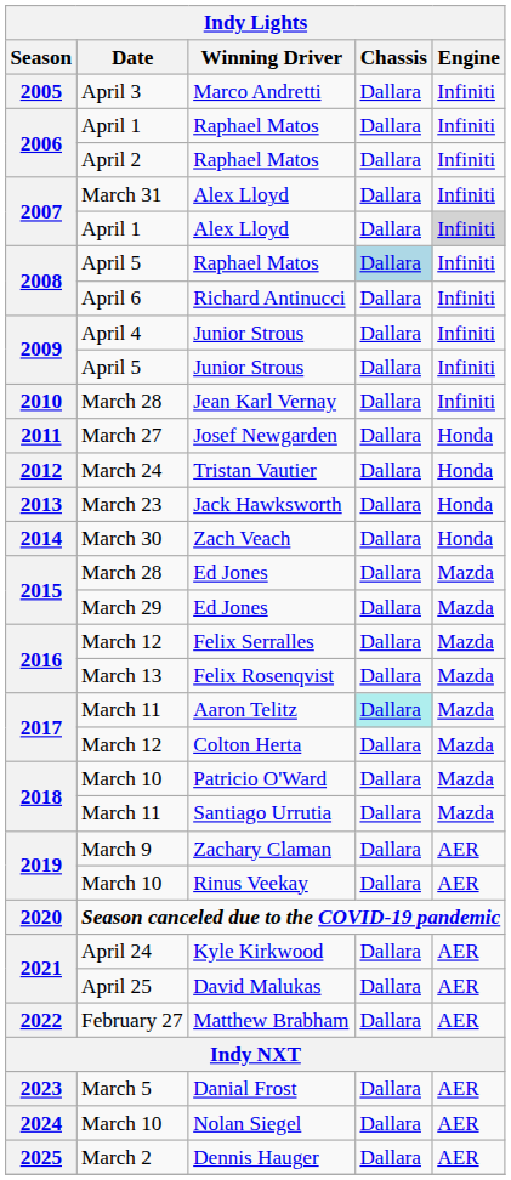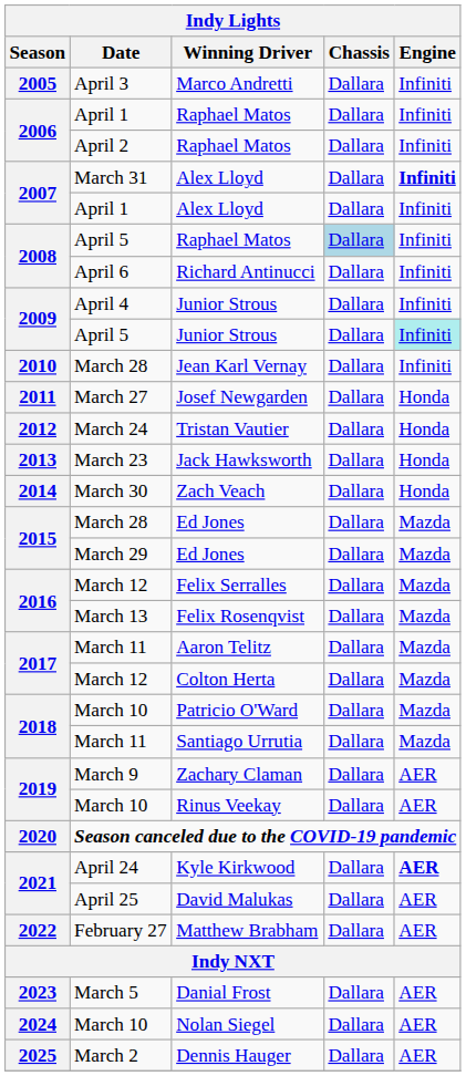 <table class="wikitable" style="font-size: 95%;">
 <tr>
 <th colspan="5"><a href='#'>Indy Lights</a></th>
 </tr>
 <tr>
 <th>Season</th>
 <th>Date</th>
 <th>Winning Driver</th>
 <th>Chassis</th>
 <th>Engine</th>
 </tr>
 <tr>
 <th><a href='#'>2005</a></th>
 <td>April 3</td>
 <td> <a href='#'>Marco Andretti</a></td>
 <td><a href='#'>Dallara</a></td>
 <td><a href='#'>Infiniti</a></td>
 </tr>
 <tr>
 <th rowspan="2"><a href='#'>2006</a></th>
 <td>April 1</td>
 <td> <a href='#'>Raphael Matos</a></td>
 <td><a href='#'>Dallara</a></td>
 <td><a href='#'>Infiniti</a></td>
 </tr>
 <tr>
 <td>April 2</td>
 <td> <a href='#'>Raphael Matos</a></td>
 <td><a href='#'>Dallara</a></td>
 <td><a href='#'>Infiniti</a></td>
 </tr>
 <tr>
 <th rowspan="2"><a href='#'>2007</a></th>
 <td>March 31</td>
 <td> <a href='#'>Alex Lloyd</a></td>
 <td><a href='#'>Dallara</a></td>
-<td><a href='#'>Infiniti</a></td>
+<td><strong><a href='#'>Infiniti</a></strong></td>
 </tr>
 <tr>
 <td>April 1</td>
 <td> <a href='#'>Alex Lloyd</a></td>
 <td><a href='#'>Dallara</a></td>
-<td style="background: lightgrey;"><a href='#'>Infiniti</a></td>
+<td><a href='#'>Infiniti</a></td>
 </tr>
 <tr>
 <th rowspan="2"><a href='#'>2008</a></th>
 <td>April 5</td>
 <td> <a href='#'>Raphael Matos</a></td>
 <td style="background: lightblue;"><a href='#'>Dallara</a></td>
 <td><a href='#'>Infiniti</a></td>
 </tr>
 <tr>
 <td>April 6</td>
 <td> <a href='#'>Richard Antinucci</a></td>
 <td><a href='#'>Dallara</a></td>
 <td><a href='#'>Infiniti</a></td>
 </tr>
 <tr>
 <th rowspan="2"><a href='#'>2009</a></th>
 <td>April 4</td>
 <td> <a href='#'>Junior Strous</a></td>
 <td><a href='#'>Dallara</a></td>
 <td><a href='#'>Infiniti</a></td>
 </tr>
 <tr>
 <td>April 5</td>
 <td> <a href='#'>Junior Strous</a></td>
 <td><a href='#'>Dallara</a></td>
-<td><a href='#'>Infiniti</a></td>
+<td style="background: paleturquoise;"><a href='#'>Infiniti</a></td>
 </tr>
 <tr>
 <th><a href='#'>2010</a></th>
 <td>March 28</td>
 <td> <a href='#'>Jean Karl Vernay</a></td>
 <td><a href='#'>Dallara</a></td>
 <td><a href='#'>Infiniti</a></td>
 </tr>
 <tr>
 <th><a href='#'>2011</a></th>
 <td>March 27</td>
 <td> <a href='#'>Josef Newgarden</a></td>
 <td><a href='#'>Dallara</a></td>
 <td><a href='#'>Honda</a></td>
 </tr>
 <tr>
 <th><a href='#'>2012</a></th>
 <td>March 24</td>
 <td> <a href='#'>Tristan Vautier</a></td>
 <td><a href='#'>Dallara</a></td>
 <td><a href='#'>Honda</a></td>
 </tr>
 <tr>
 <th><a href='#'>2013</a></th>
 <td>March 23</td>
 <td> <a href='#'>Jack Hawksworth</a></td>
 <td><a href='#'>Dallara</a></td>
 <td><a href='#'>Honda</a></td>
 </tr>
 <tr>
 <th><a href='#'>2014</a></th>
 <td>March 30</td>
 <td> <a href='#'>Zach Veach</a></td>
 <td><a href='#'>Dallara</a></td>
 <td><a href='#'>Honda</a></td>
 </tr>
 <tr>
 <th rowspan="2"><a href='#'>2015</a></th>
 <td>March 28</td>
 <td> <a href='#'>Ed Jones</a></td>
 <td><a href='#'>Dallara</a></td>
 <td><a href='#'>Mazda</a></td>
 </tr>
 <tr>
 <td>March 29</td>
 <td> <a href='#'>Ed Jones</a></td>
 <td><a href='#'>Dallara</a></td>
 <td><a href='#'>Mazda</a></td>
 </tr>
 <tr>
 <th rowspan="2"><a href='#'>2016</a></th>
 <td>March 12</td>
 <td> <a href='#'>Felix Serralles</a></td>
 <td><a href='#'>Dallara</a></td>
 <td><a href='#'>Mazda</a></td>
 </tr>
 <tr>
 <td>March 13</td>
 <td> <a href='#'>Felix Rosenqvist</a></td>
 <td><a href='#'>Dallara</a></td>
 <td><a href='#'>Mazda</a></td>
 </tr>
 <tr>
 <th rowspan="2"><a href='#'>2017</a></th>
 <td>March 11</td>
 <td> <a href='#'>Aaron Telitz</a></td>
-<td style="background: paleturquoise;"><a href='#'>Dallara</a></td>
+<td><a href='#'>Dallara</a></td>
 <td><a href='#'>Mazda</a></td>
 </tr>
 <tr>
 <td>March 12</td>
 <td> <a href='#'>Colton Herta</a></td>
 <td><a href='#'>Dallara</a></td>
 <td><a href='#'>Mazda</a></td>
 </tr>
 <tr>
 <th rowspan="2"><a href='#'>2018</a></th>
 <td>March 10</td>
 <td> <a href='#'>Patricio O'Ward</a></td>
 <td><a href='#'>Dallara</a></td>
 <td><a href='#'>Mazda</a></td>
 </tr>
 <tr>
 <td>March 11</td>
 <td> <a href='#'>Santiago Urrutia</a></td>
 <td><a href='#'>Dallara</a></td>
 <td><a href='#'>Mazda</a></td>
 </tr>
 <tr>
 <th rowspan="2"><a href='#'>2019</a></th>
 <td>March 9</td>
 <td> <a href='#'>Zachary Claman</a></td>
 <td><a href='#'>Dallara</a></td>
 <td><a href='#'>AER</a></td>
 </tr>
 <tr>
 <td>March 10</td>
 <td> <a href='#'>Rinus Veekay</a></td>
 <td><a href='#'>Dallara</a></td>
 <td><a href='#'>AER</a></td>
 </tr>
 <tr>
 <th><a href='#'>2020</a></th>
 <td align=center colspan=4><strong><em>Season canceled due to the <a href='#'>COVID-19 pandemic</a></em></strong></td>
 </tr>
 <tr>
 <th rowspan="2"><a href='#'>2021</a></th>
 <td>April 24</td>
 <td> <a href='#'>Kyle Kirkwood</a></td>
 <td><a href='#'>Dallara</a></td>
-<td><a href='#'>AER</a></td>
+<td><strong><a href='#'>AER</a></strong></td>
 </tr>
 <tr>
 <td>April 25</td>
 <td> <a href='#'>David Malukas</a></td>
 <td><a href='#'>Dallara</a></td>
 <td><a href='#'>AER</a></td>
 </tr>
 <tr>
 <th><a href='#'>2022</a></th>
 <td>February 27</td>
 <td> <a href='#'>Matthew Brabham</a></td>
 <td><a href='#'>Dallara</a></td>
 <td><a href='#'>AER</a></td>
 </tr>
 <tr>
 <th colspan="5"><a href='#'>Indy NXT</a></th>
 </tr>
 <tr>
 <th><a href='#'>2023</a></th>
 <td>March 5</td>
 <td> <a href='#'>Danial Frost</a></td>
 <td><a href='#'>Dallara</a></td>
 <td><a href='#'>AER</a></td>
 </tr>
 <tr>
 <th><a href='#'>2024</a></th>
 <td>March 10</td>
 <td> <a href='#'>Nolan Siegel</a></td>
 <td><a href='#'>Dallara</a></td>
 <td><a href='#'>AER</a></td>
 </tr>
 <tr>
 <th><a href='#'>2025</a></th>
 <td>March 2</td>
 <td> <a href='#'>Dennis Hauger</a></td>
 <td><a href='#'>Dallara</a></td>
 <td><a href='#'>AER</a></td>
 </tr>
 <tr>
 </tr>
 </table>
